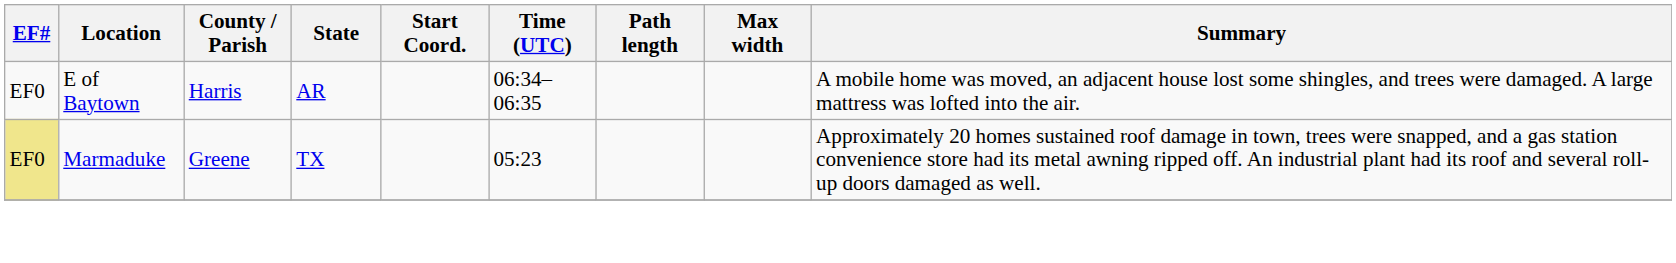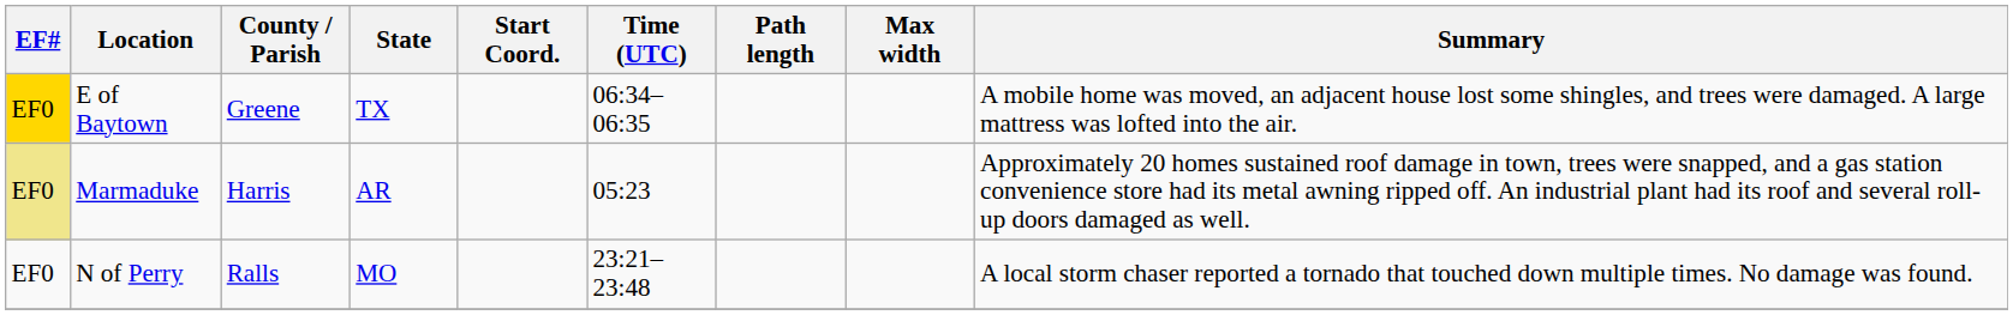 <table class="wikitable sortable" style="width:100%;">
 <tr>
 <th scope="col" style="width:3%; text-align:center;"><a href='#'>EF#</a></th>
 <th scope="col" style="width:7%; text-align:center;" class="unsortable">Location</th>
 <th scope="col" style="width:6%; text-align:center;" class="unsortable">County / Parish</th>
 <th scope="col" style="width:5%; text-align:center;">State</th>
 <th scope="col" style="width:6%; text-align:center;">Start Coord.</th>
 <th scope="col" style="width:6%; text-align:center;">Time (<a href='#'>UTC</a>)</th>
 <th scope="col" style="width:6%; text-align:center;">Path length</th>
 <th scope="col" style="width:6%; text-align:center;">Max width</th>
 <th scope="col" class="unsortable" style="width:48%; text-align:center;">Summary</th>
 </tr>
 <tr>
-<td>EF0</td>
+<td style="background: gold;">EF0</td>
 <td>E of <a href='#'>Baytown</a></td>
-<td><a href='#'>Harris</a></td>
-<td><a href='#'>AR</a></td>
+<td><a href='#'>Greene</a></td>
+<td><a href='#'>TX</a></td>
 <td></td>
 <td>06:34–06:35</td>
 <td></td>
 <td></td>
 <td>A mobile home was moved, an adjacent house lost some shingles, and trees were damaged. A large mattress was lofted into the air.</td>
 </tr>
 <tr>
 <td style="background: khaki;">EF0</td>
 <td><a href='#'>Marmaduke</a></td>
-<td><a href='#'>Greene</a></td>
-<td><a href='#'>TX</a></td>
+<td><a href='#'>Harris</a></td>
+<td><a href='#'>AR</a></td>
 <td></td>
 <td>05:23</td>
 <td></td>
 <td></td>
 <td>Approximately 20 homes sustained roof damage in town, trees were snapped, and a gas station convenience store had its metal awning ripped off. An industrial plant had its roof and several roll-up doors damaged as well.</td>
 </tr>
 <tr>
+<td>EF0</td>
+<td>N of <a href='#'>Perry</a></td>
+<td><a href='#'>Ralls</a></td>
+<td><a href='#'>MO</a></td>
+<td></td>
+<td>23:21–23:48</td>
+<td></td>
+<td></td>
+<td>A local storm chaser reported a tornado that touched down multiple times. No damage was found.</td>
+</tr>
+<tr>
 </tr>
 </table>
